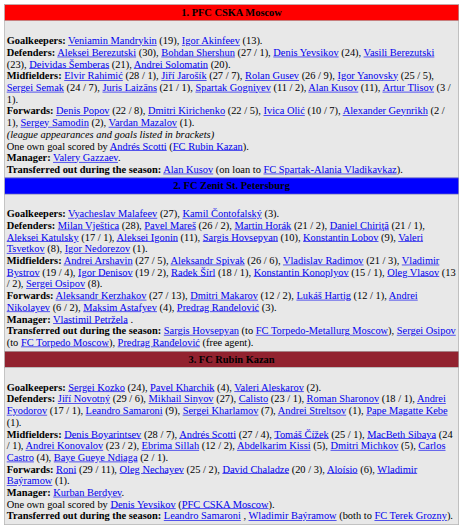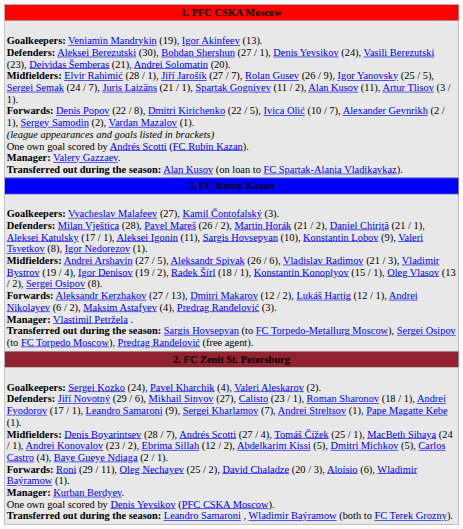 <table class="wikitable" Width="700">
 <tr bgcolor="#FF0000">
 <td align="center" width="700"><span> <strong>1. PFC CSKA Moscow</strong> </span></td>
 </tr>
 <tr bgcolor="#E8E8E8">
 <td align="left" width="700"><br><strong>Goalkeepers:</strong> <a href='#'>Veniamin Mandrykin</a> (19), <a href='#'>Igor Akinfeev</a> (13).<br> <strong>Defenders:</strong> <a href='#'>Aleksei Berezutski</a> (30), <a href='#'>Bohdan Shershun</a>  (27 / 1), <a href='#'>Denis Yevsikov</a> (24), <a href='#'>Vasili Berezutski</a> (23), <a href='#'>Deividas Šemberas</a>  (21), <a href='#'>Andrei Solomatin</a> (20).<br> <strong>Midfielders:</strong> <a href='#'>Elvir Rahimić</a>  (28 / 1), <a href='#'>Jiří Jarošík</a>  (27 / 7), <a href='#'>Rolan Gusev</a> (26 / 9), <a href='#'>Igor Yanovsky</a> (25 / 5), <a href='#'>Sergei Semak</a> (24 / 7), <a href='#'>Juris Laizāns</a>  (21 / 1), <a href='#'>Spartak Gogniyev</a> (11 / 2), <a href='#'>Alan Kusov</a> (11), <a href='#'>Artur Tlisov</a> (3 / 1).<br> <strong>Forwards:</strong> <a href='#'>Denis Popov</a> (22 / 8), <a href='#'>Dmitri Kirichenko</a> (22 / 5), <a href='#'>Ivica Olić</a>  (10 / 7), <a href='#'>Alexander Geynrikh</a>  (2 / 1), <a href='#'>Sergey Samodin</a> (2), <a href='#'>Vardan Mazalov</a> (1).<br><em>(league appearances and goals listed in brackets)</em><br>One own goal scored by <a href='#'>Andrés Scotti</a>  (<a href='#'>FC Rubin Kazan</a>).<br><strong>Manager:</strong> <a href='#'>Valery Gazzaev</a>.<br><strong>Transferred out during the season:</strong> <a href='#'>Alan Kusov</a> (on loan to <a href='#'>FC Spartak-Alania Vladikavkaz</a>).</td>
 </tr>
 <tr bgcolor="#0000FF">
-<td align="center" width="700"><span> <strong>2. FC Zenit St. Petersburg</strong> </span></td>
+<td align="center" width="700"><span> <strong>3. FC Rubin Kazan</strong> </span></td>
 </tr>
 <tr bgcolor="#E8E8E8">
 <td align="left" width="700"><br><strong>Goalkeepers:</strong> <a href='#'>Vyacheslav Malafeev</a> (27), <a href='#'>Kamil Čontofalský</a>  (3).<br> <strong>Defenders:</strong> <a href='#'>Milan Vještica</a>  (28), <a href='#'>Pavel Mareš</a>  (26 / 2), <a href='#'>Martin Horák</a>  (21 / 2), <a href='#'>Daniel Chiriţă</a>  (21 / 1), <a href='#'>Aleksei Katulsky</a> (17 / 1), <a href='#'>Aleksei Igonin</a> (11), <a href='#'>Sargis Hovsepyan</a>  (10), <a href='#'>Konstantin Lobov</a> (9), <a href='#'>Valeri Tsvetkov</a> (8), <a href='#'>Igor Nedorezov</a> (1).<br> <strong>Midfielders:</strong> <a href='#'>Andrei Arshavin</a> (27 / 5), <a href='#'>Aleksandr Spivak</a>  (26 / 6), <a href='#'>Vladislav Radimov</a> (21 / 3), <a href='#'>Vladimir Bystrov</a> (19 / 4), <a href='#'>Igor Denisov</a> (19 / 2), <a href='#'>Radek Šírl</a>  (18 / 1), <a href='#'>Konstantin Konoplyov</a> (15 / 1), <a href='#'>Oleg Vlasov</a> (13 / 2), <a href='#'>Sergei Osipov</a> (8).<br> <strong>Forwards:</strong> <a href='#'>Aleksandr Kerzhakov</a> (27 / 13), <a href='#'>Dmitri Makarov</a> (12 / 2), <a href='#'>Lukáš Hartig</a>  (12 / 1), <a href='#'>Andrei Nikolayev</a> (6 / 2), <a href='#'>Maksim Astafyev</a> (4), <a href='#'>Predrag Ranđelović</a>  (3).<br><strong>Manager:</strong> <a href='#'>Vlastimil Petržela</a> .<br><strong>Transferred out during the season:</strong> <a href='#'>Sargis Hovsepyan</a>  (to <a href='#'>FC Torpedo-Metallurg Moscow</a>), <a href='#'>Sergei Osipov</a> (to <a href='#'>FC Torpedo Moscow</a>), <a href='#'>Predrag Ranđelović</a>  (free agent).</td>
 </tr>
 <tr bgcolor="#92222f">
-<td align="center" width="700"><span> <strong>3. FC Rubin Kazan</strong> </span></td>
+<td align="center" width="700"><span> <strong>2. FC Zenit St. Petersburg</strong> </span></td>
 </tr>
 <tr bgcolor="#E8E8E8">
 <td align="left" width="700"><br><strong>Goalkeepers:</strong> <a href='#'>Sergei Kozko</a> (24), <a href='#'>Pavel Kharchik</a>  (4), <a href='#'>Valeri Aleskarov</a> (2).<br> <strong>Defenders:</strong> <a href='#'>Jiří Novotný</a>  (29 / 6), <a href='#'>Mikhail Sinyov</a> (27), <a href='#'>Calisto</a>  (23 / 1), <a href='#'>Roman Sharonov</a> (18 / 1), <a href='#'>Andrei Fyodorov</a>  (17 / 1), <a href='#'>Leandro Samaroni</a>  (9), <a href='#'>Sergei Kharlamov</a> (7), <a href='#'>Andrei Streltsov</a> (1), <a href='#'>Pape Magatte Kebe</a>  (1).<br> <strong>Midfielders:</strong> <a href='#'>Denis Boyarintsev</a> (28 / 7), <a href='#'>Andrés Scotti</a>  (27 / 4), <a href='#'>Tomáš Čížek</a>  (25 / 1), <a href='#'>MacBeth Sibaya</a>  (24 / 1), <a href='#'>Andrei Konovalov</a> (23 / 2), <a href='#'>Ebrima Sillah</a>  (12 / 2), <a href='#'>Abdelkarim Kissi</a>  (5), <a href='#'>Dmitri Michkov</a> (5), <a href='#'>Carlos Castro</a>  (4), <a href='#'>Baye Gueye Ndiaga</a>  (2 / 1).<br> <strong>Forwards:</strong> <a href='#'>Roni</a>  (29 / 11), <a href='#'>Oleg Nechayev</a> (25 / 2), <a href='#'>David Chaladze</a>  (20 / 3), <a href='#'>Aloísio</a>  (6), <a href='#'>Wladimir Baýramow</a>  (1).<br><strong>Manager:</strong> <a href='#'>Kurban Berdyev</a>.<br>One own goal scored by <a href='#'>Denis Yevsikov</a> (<a href='#'>PFC CSKA Moscow</a>).<br><strong>Transferred out during the season:</strong> <a href='#'>Leandro Samaroni</a> , <a href='#'>Wladimir Baýramow</a>  (both to <a href='#'>FC Terek Grozny</a>).</td>
 </tr>
 </table>
